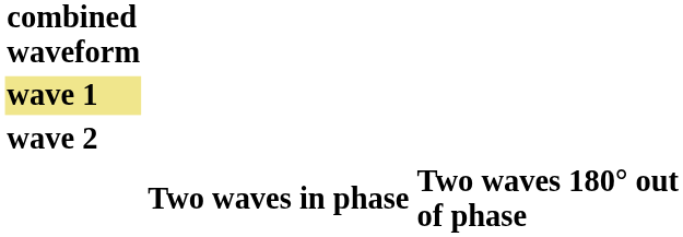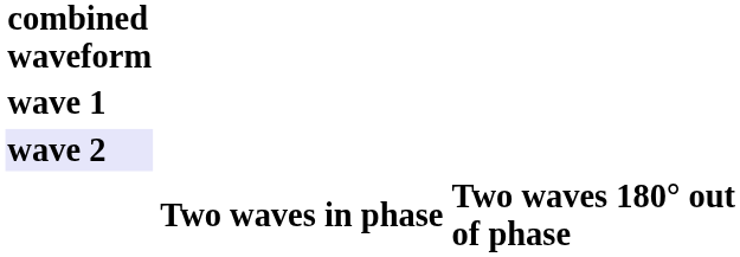 <table>
 <tr>
 <td><strong>combined<br> waveform</strong></td>
 <td colspan="2" rowspan="3"></td>
 </tr>
 <tr>
-<td style="background: khaki;"><strong>wave 1</strong></td>
+<td><strong>wave 1</strong></td>
 </tr>
 <tr>
-<td><strong>wave 2</strong></td>
+<td style="background: lavender;"><strong>wave 2</strong></td>
 </tr>
 <tr>
 <td></td>
 <td><strong>Two waves in phase</strong></td>
 <td><strong>Two waves 180° out <br>of phase</strong></td>
 </tr>
 </table>
